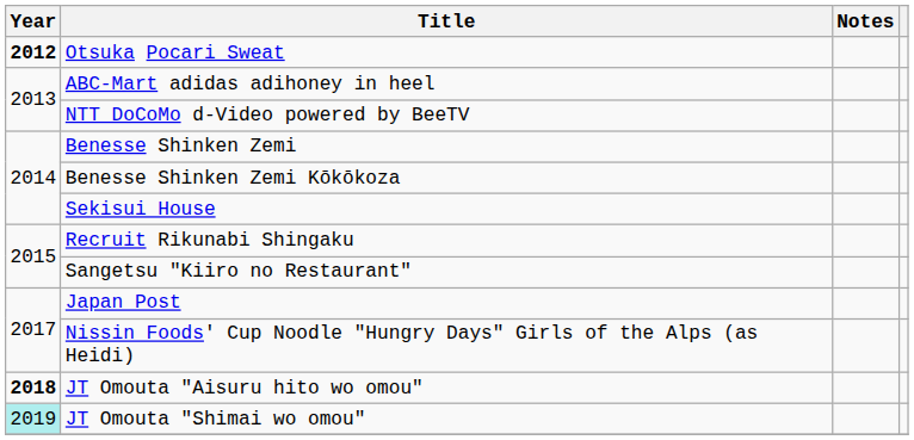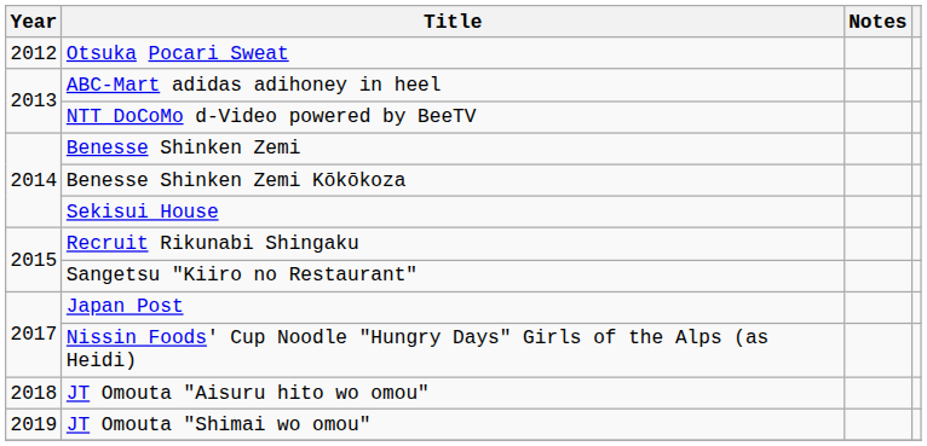 <table class="wikitable">
 <tr>
 <th>Year</th>
 <th>Title</th>
 <th>Notes</th>
 <th></th>
 </tr>
 <tr>
-<td><strong>2012</strong></td>
+<td>2012</td>
 <td><a href='#'>Otsuka</a> <a href='#'>Pocari Sweat</a></td>
 <td></td>
 <td></td>
 </tr>
 <tr>
 <td rowspan="2">2013</td>
 <td><a href='#'>ABC-Mart</a> adidas adihoney in heel</td>
 <td></td>
 <td></td>
 </tr>
 <tr>
 <td><a href='#'>NTT DoCoMo</a> d-Video powered by BeeTV</td>
 <td></td>
 <td></td>
 </tr>
 <tr>
 <td rowspan="3">2014</td>
 <td><a href='#'>Benesse</a> Shinken Zemi</td>
 <td></td>
 <td></td>
 </tr>
 <tr>
 <td>Benesse Shinken Zemi Kōkōkoza</td>
 <td></td>
 <td></td>
 </tr>
 <tr>
 <td><a href='#'>Sekisui House</a></td>
 <td></td>
 <td></td>
 </tr>
 <tr>
 <td rowspan="2">2015</td>
 <td><a href='#'>Recruit</a> Rikunabi Shingaku</td>
 <td></td>
 <td></td>
 </tr>
 <tr>
 <td>Sangetsu "Kiiro no Restaurant"</td>
 <td></td>
 <td></td>
 </tr>
 <tr>
 <td rowspan="2">2017</td>
 <td><a href='#'>Japan Post</a></td>
 <td></td>
 <td></td>
 </tr>
 <tr>
 <td><a href='#'>Nissin Foods</a>' Cup Noodle "Hungry Days" Girls of the Alps (as Heidi)</td>
 <td></td>
 <td></td>
 </tr>
 <tr>
-<td><strong>2018</strong></td>
+<td>2018</td>
 <td><a href='#'>JT</a> Omouta "Aisuru hito wo omou"</td>
 <td></td>
 <td></td>
 </tr>
 <tr>
-<td style="background: paleturquoise;">2019</td>
+<td>2019</td>
 <td><a href='#'>JT</a> Omouta "Shimai wo omou"</td>
 <td></td>
 <td></td>
 </tr>
 <tr>
 </tr>
 </table>
